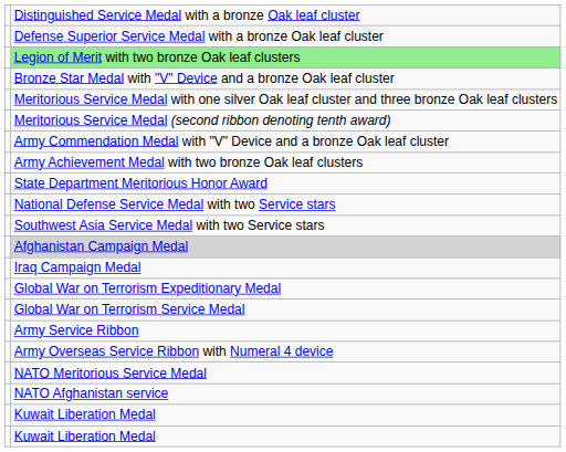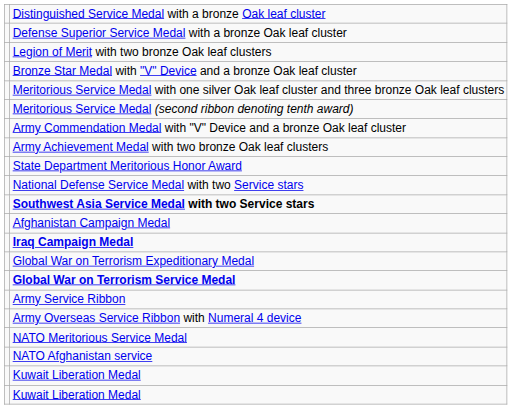 <table class="wikitable">
 <tr>
 <td></td>
 <td><a href='#'>Distinguished Service Medal</a> with a bronze <a href='#'>Oak leaf cluster</a></td>
 </tr>
 <tr>
 <td></td>
 <td><a href='#'>Defense Superior Service Medal</a> with a bronze Oak leaf cluster</td>
 </tr>
 <tr>
 <td></td>
-<td style="background: lightgreen;"><a href='#'>Legion of Merit</a> with two bronze Oak leaf clusters</td>
+<td><a href='#'>Legion of Merit</a> with two bronze Oak leaf clusters</td>
 </tr>
 <tr>
 <td></td>
 <td><a href='#'>Bronze Star Medal</a> with <a href='#'>"V" Device</a> and a bronze Oak leaf cluster</td>
 </tr>
 <tr>
 <td></td>
 <td><a href='#'>Meritorious Service Medal</a> with one silver Oak leaf cluster and three bronze Oak leaf clusters</td>
 </tr>
 <tr>
 <td></td>
 <td><a href='#'>Meritorious Service Medal</a> <em>(second ribbon denoting tenth award)</em></td>
 </tr>
 <tr>
 <td></td>
 <td><a href='#'>Army Commendation Medal</a> with "V" Device and a bronze Oak leaf cluster</td>
 </tr>
 <tr>
 <td></td>
 <td><a href='#'>Army Achievement Medal</a> with two bronze Oak leaf clusters</td>
 </tr>
 <tr>
 <td></td>
 <td><a href='#'>State Department Meritorious Honor Award</a></td>
 </tr>
 <tr>
 <td></td>
 <td><a href='#'>National Defense Service Medal</a> with two <a href='#'>Service stars</a></td>
 </tr>
 <tr>
 <td></td>
-<td><a href='#'>Southwest Asia Service Medal</a> with two Service stars</td>
+<td><strong><a href='#'>Southwest Asia Service Medal</a> with two Service stars</strong></td>
 </tr>
 <tr>
 <td></td>
-<td style="background: lightgrey;"><a href='#'>Afghanistan Campaign Medal</a></td>
+<td><a href='#'>Afghanistan Campaign Medal</a></td>
 </tr>
 <tr>
 <td></td>
-<td><a href='#'>Iraq Campaign Medal</a></td>
+<td><strong><a href='#'>Iraq Campaign Medal</a></strong></td>
 </tr>
 <tr>
 <td></td>
 <td><a href='#'>Global War on Terrorism Expeditionary Medal</a></td>
 </tr>
 <tr>
 <td></td>
-<td><a href='#'>Global War on Terrorism Service Medal</a></td>
+<td><strong><a href='#'>Global War on Terrorism Service Medal</a></strong></td>
 </tr>
 <tr>
 <td></td>
 <td><a href='#'>Army Service Ribbon</a></td>
 </tr>
 <tr>
 <td><span></span></td>
 <td><a href='#'>Army Overseas Service Ribbon</a> with <a href='#'>Numeral 4 device</a></td>
 </tr>
 <tr>
 <td></td>
 <td><a href='#'>NATO Meritorious Service Medal</a></td>
 </tr>
 <tr>
 <td></td>
 <td><a href='#'>NATO Afghanistan service</a></td>
 </tr>
 <tr>
 <td></td>
 <td><a href='#'>Kuwait Liberation Medal</a></td>
 </tr>
 <tr>
 <td></td>
 <td><a href='#'>Kuwait Liberation Medal</a></td>
 </tr>
 </table>
